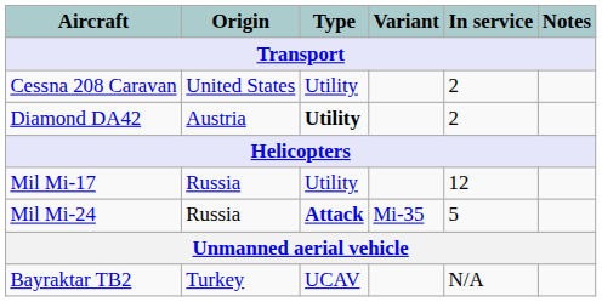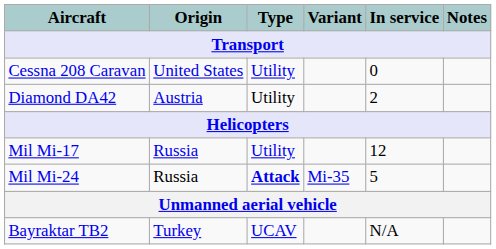 <table class="wikitable">
 <tr>
 <th style="text-align:center; background:#acc;">Aircraft</th>
 <th style="text-align: center; background:#acc;">Origin</th>
 <th style="text-align:l center; background:#acc;">Type</th>
 <th style="text-align:left; background:#acc;">Variant</th>
 <th style="text-align:center; background:#acc;">In service</th>
 <th style="text-align: center; background:#acc;">Notes</th>
 </tr>
 <tr>
 <th colspan="6" style="align: center; background: lavender;"><a href='#'>Transport</a></th>
 </tr>
 <tr>
 <td><a href='#'>Cessna 208 Caravan</a></td>
 <td><a href='#'>United States</a></td>
 <td><a href='#'>Utility</a></td>
 <td></td>
-<td>2</td>
+<td>0</td>
 <td></td>
 </tr>
 <tr>
 <td><a href='#'>Diamond DA42</a></td>
 <td><a href='#'>Austria</a></td>
-<td><strong>Utility</strong></td>
+<td>Utility</td>
 <td></td>
 <td>2</td>
 <td></td>
 </tr>
 <tr>
 <th style="align: center; background: lavender;" colspan="7"><a href='#'>Helicopters</a></th>
 </tr>
 <tr>
 <td><a href='#'>Mil Mi-17</a></td>
 <td><a href='#'>Russia</a></td>
 <td><a href='#'>Utility</a></td>
 <td></td>
 <td>12</td>
 <td></td>
 </tr>
 <tr>
 <td><a href='#'>Mil Mi-24</a></td>
 <td>Russia</td>
 <td><strong><a href='#'>Attack</a></strong></td>
 <td><a href='#'>Mi-35</a></td>
 <td>5</td>
 <td></td>
 </tr>
 <tr>
 <th colspan="6"><a href='#'>Unmanned aerial vehicle</a></th>
 </tr>
 <tr>
 <td><a href='#'>Bayraktar TB2</a></td>
 <td><a href='#'>Turkey</a></td>
 <td><a href='#'>UCAV</a></td>
 <td></td>
 <td>N/A</td>
 <td></td>
 </tr>
 </table>
